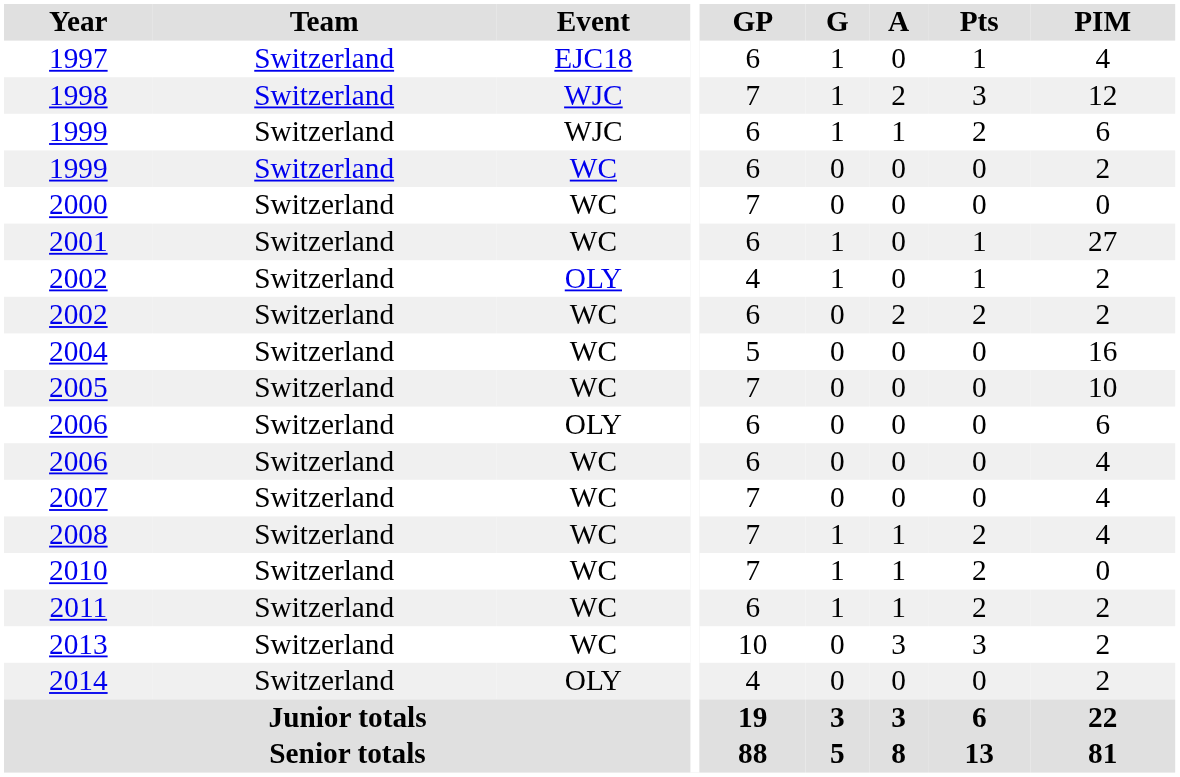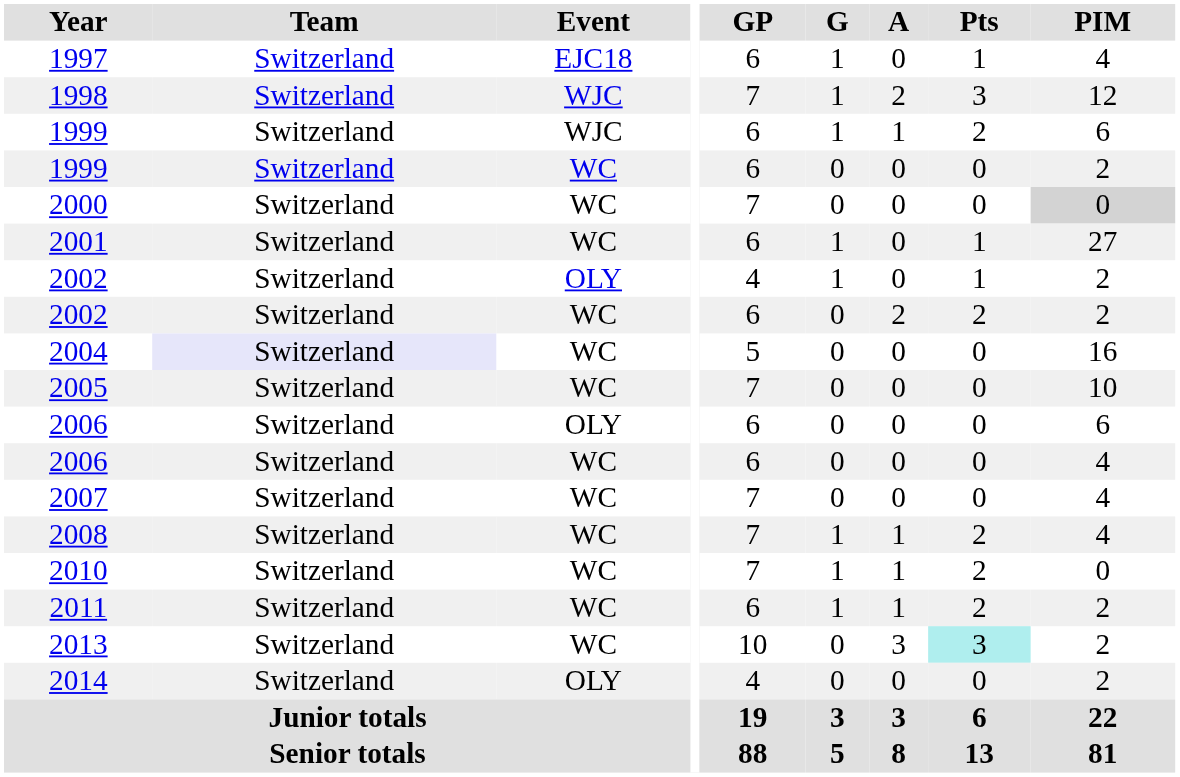 <table border="0" cellpadding="1" cellspacing="0" ID="Table3" style="text-align:center; width:40em">
 <tr bgcolor="#e0e0e0">
 <th>Year</th>
 <th>Team</th>
 <th>Event</th>
 <th rowspan="102" bgcolor="#ffffff"></th>
 <th>GP</th>
 <th>G</th>
 <th>A</th>
 <th>Pts</th>
 <th>PIM</th>
 </tr>
 <tr>
 <td><a href='#'>1997</a></td>
 <td><a href='#'>Switzerland</a></td>
 <td><a href='#'>EJC18</a></td>
 <td>6</td>
 <td>1</td>
 <td>0</td>
 <td>1</td>
 <td>4</td>
 </tr>
 <tr bgcolor="#f0f0f0">
 <td><a href='#'>1998</a></td>
 <td><a href='#'>Switzerland</a></td>
 <td><a href='#'>WJC</a></td>
 <td>7</td>
 <td>1</td>
 <td>2</td>
 <td>3</td>
 <td>12</td>
 </tr>
 <tr>
 <td><a href='#'>1999</a></td>
 <td>Switzerland</td>
 <td>WJC</td>
 <td>6</td>
 <td>1</td>
 <td>1</td>
 <td>2</td>
 <td>6</td>
 </tr>
 <tr bgcolor="#f0f0f0">
 <td><a href='#'>1999</a></td>
 <td><a href='#'>Switzerland</a></td>
 <td><a href='#'>WC</a></td>
 <td>6</td>
 <td>0</td>
 <td>0</td>
 <td>0</td>
 <td>2</td>
 </tr>
 <tr>
 <td><a href='#'>2000</a></td>
 <td>Switzerland</td>
 <td>WC</td>
 <td>7</td>
 <td>0</td>
 <td>0</td>
 <td>0</td>
-<td>0</td>
+<td style="background: lightgrey;">0</td>
 </tr>
 <tr bgcolor="#f0f0f0">
 <td><a href='#'>2001</a></td>
 <td>Switzerland</td>
 <td>WC</td>
 <td>6</td>
 <td>1</td>
 <td>0</td>
 <td>1</td>
 <td>27</td>
 </tr>
 <tr>
 <td><a href='#'>2002</a></td>
 <td>Switzerland</td>
 <td><a href='#'>OLY</a></td>
 <td>4</td>
 <td>1</td>
 <td>0</td>
 <td>1</td>
 <td>2</td>
 </tr>
 <tr bgcolor="#f0f0f0">
 <td><a href='#'>2002</a></td>
 <td>Switzerland</td>
 <td>WC</td>
 <td>6</td>
 <td>0</td>
 <td>2</td>
 <td>2</td>
 <td>2</td>
 </tr>
 <tr>
 <td><a href='#'>2004</a></td>
-<td>Switzerland</td>
+<td style="background: lavender;">Switzerland</td>
 <td>WC</td>
 <td>5</td>
 <td>0</td>
 <td>0</td>
 <td>0</td>
 <td>16</td>
 </tr>
 <tr bgcolor="#f0f0f0">
 <td><a href='#'>2005</a></td>
 <td>Switzerland</td>
 <td>WC</td>
 <td>7</td>
 <td>0</td>
 <td>0</td>
 <td>0</td>
 <td>10</td>
 </tr>
 <tr>
 <td><a href='#'>2006</a></td>
 <td>Switzerland</td>
 <td>OLY</td>
 <td>6</td>
 <td>0</td>
 <td>0</td>
 <td>0</td>
 <td>6</td>
 </tr>
 <tr bgcolor="#f0f0f0">
 <td><a href='#'>2006</a></td>
 <td>Switzerland</td>
 <td>WC</td>
 <td>6</td>
 <td>0</td>
 <td>0</td>
 <td>0</td>
 <td>4</td>
 </tr>
 <tr>
 <td><a href='#'>2007</a></td>
 <td>Switzerland</td>
 <td>WC</td>
 <td>7</td>
 <td>0</td>
 <td>0</td>
 <td>0</td>
 <td>4</td>
 </tr>
 <tr bgcolor="#f0f0f0">
 <td><a href='#'>2008</a></td>
 <td>Switzerland</td>
 <td>WC</td>
 <td>7</td>
 <td>1</td>
 <td>1</td>
 <td>2</td>
 <td>4</td>
 </tr>
 <tr>
 <td><a href='#'>2010</a></td>
 <td>Switzerland</td>
 <td>WC</td>
 <td>7</td>
 <td>1</td>
 <td>1</td>
 <td>2</td>
 <td>0</td>
 </tr>
 <tr bgcolor="#f0f0f0">
 <td><a href='#'>2011</a></td>
 <td>Switzerland</td>
 <td>WC</td>
 <td>6</td>
 <td>1</td>
 <td>1</td>
 <td>2</td>
 <td>2</td>
 </tr>
 <tr>
 <td><a href='#'>2013</a></td>
 <td>Switzerland</td>
 <td>WC</td>
 <td>10</td>
 <td>0</td>
 <td>3</td>
-<td>3</td>
+<td style="background: paleturquoise;">3</td>
 <td>2</td>
 </tr>
 <tr bgcolor="#f0f0f0">
 <td><a href='#'>2014</a></td>
 <td>Switzerland</td>
 <td>OLY</td>
 <td>4</td>
 <td>0</td>
 <td>0</td>
 <td>0</td>
 <td>2</td>
 </tr>
 <tr bgcolor="#e0e0e0">
 <th colspan="3">Junior totals</th>
 <th>19</th>
 <th>3</th>
 <th>3</th>
 <th>6</th>
 <th>22</th>
 </tr>
 <tr bgcolor="#e0e0e0">
 <th colspan="3">Senior totals</th>
 <th>88</th>
 <th>5</th>
 <th>8</th>
 <th>13</th>
 <th>81</th>
 </tr>
 </table>
